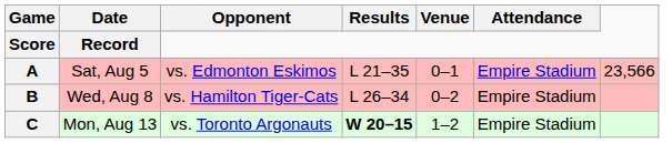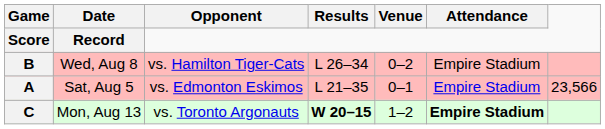 <table class="wikitable" style="text-align:center">
 <tr>
 <th>Game</th>
 <th>Date</th>
 <th>Opponent</th>
 <th>Results</th>
 <th>Venue</th>
 <th>Attendance</th>
 </tr>
 <tr>
 <th>Score</th>
 <th>Record</th>
 </tr>
 <tr style="background:#ffbbbb">
+<th>B</th>
+<td>Wed, Aug 8</td>
+<td>vs. <a href='#'>Hamilton Tiger-Cats</a></td>
+<td>L 26–34</td>
+<td>0–2</td>
+<td>Empire Stadium</td>
+<td></td>
+</tr>
+<tr style="background:#ffbbbb">
 <th>A</th>
 <td>Sat, Aug 5</td>
 <td>vs. <a href='#'>Edmonton Eskimos</a></td>
 <td>L 21–35</td>
 <td>0–1</td>
 <td><a href='#'>Empire Stadium</a></td>
 <td>23,566</td>
 </tr>
-<tr style="background:#ffbbbb">
-<th>B</th>
-<td>Wed, Aug 8</td>
-<td>vs. <a href='#'>Hamilton Tiger-Cats</a></td>
-<td>L 26–34</td>
-<td>0–2</td>
-<td>Empire Stadium</td>
-<td></td>
-</tr>
 <tr style="background:#ddffdd">
 <th>C</th>
 <td>Mon, Aug 13</td>
 <td>vs. <a href='#'>Toronto Argonauts</a></td>
 <td><strong>W 20–15</strong></td>
 <td>1–2</td>
-<td>Empire Stadium</td>
+<td><strong>Empire Stadium</strong></td>
 <td></td>
 </tr>
 </table>
